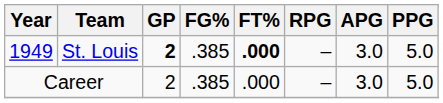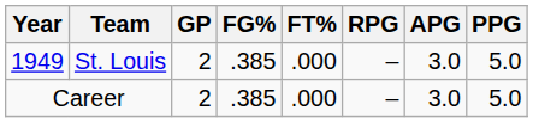 <table class="wikitable sortable" style="font-size:95%; text-align:right;">
 <tr>
 <th>Year</th>
 <th>Team</th>
 <th>GP</th>
 <th>FG%</th>
 <th>FT%</th>
 <th>RPG</th>
 <th>APG</th>
 <th>PPG</th>
 </tr>
 <tr>
 <td style="text-align:left;"><a href='#'>1949</a></td>
 <td style="text-align:left;"><a href='#'>St. Louis</a></td>
-<td><strong>2</strong></td>
+<td>2</td>
 <td>.385</td>
-<td><strong>.000</strong></td>
+<td>.000</td>
 <td>–</td>
 <td>3.0</td>
 <td>5.0</td>
 </tr>
 <tr>
 <td style="text-align:center;" colspan="2">Career</td>
 <td>2</td>
 <td>.385</td>
 <td>.000</td>
 <td>–</td>
 <td>3.0</td>
 <td>5.0</td>
 </tr>
 <tr>
 </tr>
 </table>
